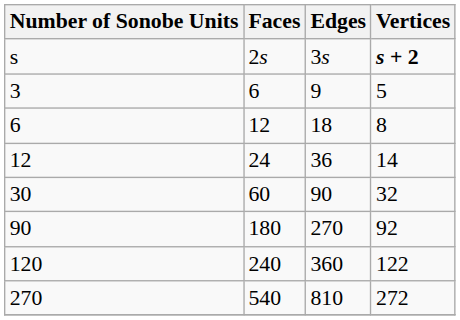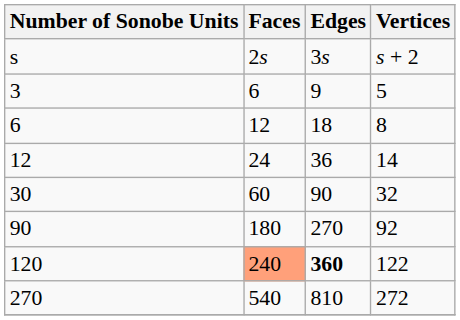 <table class="wikitable sortable">
 <tr>
 <th>Number of Sonobe Units</th>
 <th>Faces</th>
 <th>Edges</th>
 <th>Vertices</th>
 </tr>
 <tr>
 <td>s</td>
 <td>2<em>s</em></td>
 <td>3<em>s</em></td>
-<td><strong><em>s</em> + 2</strong></td>
+<td><em>s</em> + 2</td>
 </tr>
 <tr>
 <td>3</td>
 <td>6</td>
 <td>9</td>
 <td>5</td>
 </tr>
 <tr>
 <td>6</td>
 <td>12</td>
 <td>18</td>
 <td>8</td>
 </tr>
 <tr>
 <td>12</td>
 <td>24</td>
 <td>36</td>
 <td>14</td>
 </tr>
 <tr>
 <td>30</td>
 <td>60</td>
 <td>90</td>
 <td>32</td>
 </tr>
 <tr>
 <td>90</td>
 <td>180</td>
 <td>270</td>
 <td>92</td>
 </tr>
 <tr>
 <td>120</td>
-<td>240</td>
-<td>360</td>
+<td style="background: lightsalmon;">240</td>
+<td><strong>360</strong></td>
 <td>122</td>
 </tr>
 <tr>
 <td>270</td>
 <td>540</td>
 <td>810</td>
 <td>272</td>
 </tr>
 <tr>
 </tr>
 </table>
